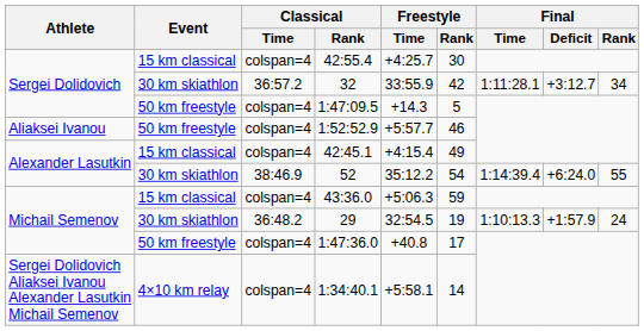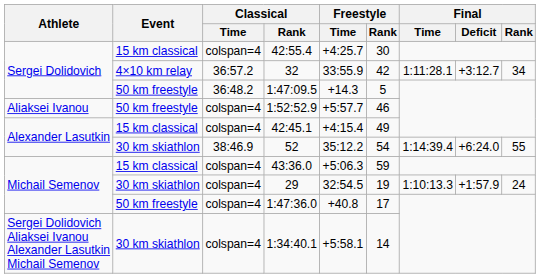 <table class="wikitable" style="font-size:90%">
 <tr>
 <th rowspan=2>Athlete</th>
 <th rowspan=2>Event</th>
 <th colspan=2>Classical</th>
 <th colspan=2>Freestyle</th>
 <th colspan=3>Final</th>
 </tr>
 <tr style="font-size: 95%">
 <th>Time</th>
 <th>Rank</th>
 <th>Time</th>
 <th>Rank</th>
 <th>Time</th>
 <th>Deficit</th>
 <th>Rank</th>
 </tr>
 <tr align=center>
 <td align=left rowspan=3><a href='#'>Sergei Dolidovich</a></td>
 <td align=left><a href='#'>15 km classical</a></td>
 <td>colspan=4 </td>
 <td>42:55.4</td>
 <td>+4:25.7</td>
 <td>30</td>
 </tr>
 <tr align=center>
-<td align=left><a href='#'>30 km skiathlon</a></td>
+<td align=left><a href='#'>4×10 km relay</a></td>
 <td>36:57.2</td>
 <td>32</td>
 <td>33:55.9</td>
 <td>42</td>
 <td>1:11:28.1</td>
 <td>+3:12.7</td>
 <td>34</td>
 </tr>
 <tr align=center>
 <td align=left><a href='#'>50 km freestyle</a></td>
-<td>colspan=4 </td>
+<td>36:48.2</td>
 <td>1:47:09.5</td>
 <td>+14.3</td>
 <td>5</td>
 </tr>
 <tr align=center>
 <td align=left><a href='#'>Aliaksei Ivanou</a></td>
 <td align=left><a href='#'>50 km freestyle</a></td>
 <td>colspan=4 </td>
 <td>1:52:52.9</td>
 <td>+5:57.7</td>
 <td>46</td>
 </tr>
 <tr align=center>
 <td align=left rowspan=2><a href='#'>Alexander Lasutkin</a></td>
 <td align=left><a href='#'>15 km classical</a></td>
 <td>colspan=4 </td>
 <td>42:45.1</td>
 <td>+4:15.4</td>
 <td>49</td>
 </tr>
 <tr align=center>
 <td align=left><a href='#'>30 km skiathlon</a></td>
 <td>38:46.9</td>
 <td>52</td>
 <td>35:12.2</td>
 <td>54</td>
 <td>1:14:39.4</td>
 <td>+6:24.0</td>
 <td>55</td>
 </tr>
 <tr align=center>
 <td align=left rowspan=3><a href='#'>Michail Semenov</a></td>
 <td align=left><a href='#'>15 km classical</a></td>
 <td>colspan=4 </td>
 <td>43:36.0</td>
 <td>+5:06.3</td>
 <td>59</td>
 </tr>
 <tr align=center>
 <td align=left><a href='#'>30 km skiathlon</a></td>
-<td>36:48.2</td>
+<td>colspan=4 </td>
 <td>29</td>
 <td>32:54.5</td>
 <td>19</td>
 <td>1:10:13.3</td>
 <td>+1:57.9</td>
 <td>24</td>
 </tr>
 <tr align=center>
 <td align=left><a href='#'>50 km freestyle</a></td>
 <td>colspan=4 </td>
 <td>1:47:36.0</td>
 <td>+40.8</td>
 <td>17</td>
 </tr>
 <tr align=center>
 <td align=left><a href='#'>Sergei Dolidovich</a><br><a href='#'>Aliaksei Ivanou</a><br><a href='#'>Alexander Lasutkin</a><br><a href='#'>Michail Semenov</a></td>
-<td align=left><a href='#'>4×10 km relay</a></td>
+<td align=left><a href='#'>30 km skiathlon</a></td>
 <td>colspan=4 </td>
 <td>1:34:40.1</td>
 <td>+5:58.1</td>
 <td>14</td>
 </tr>
 </table>
